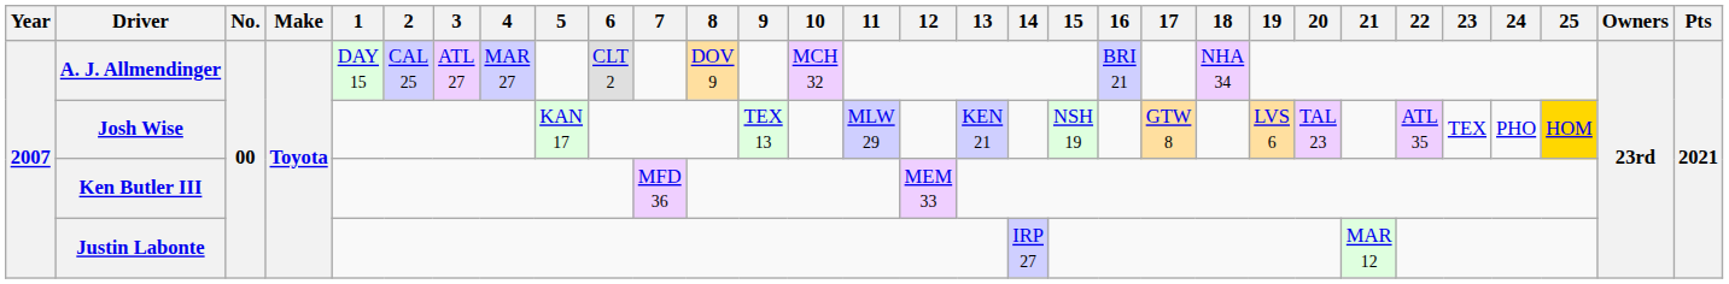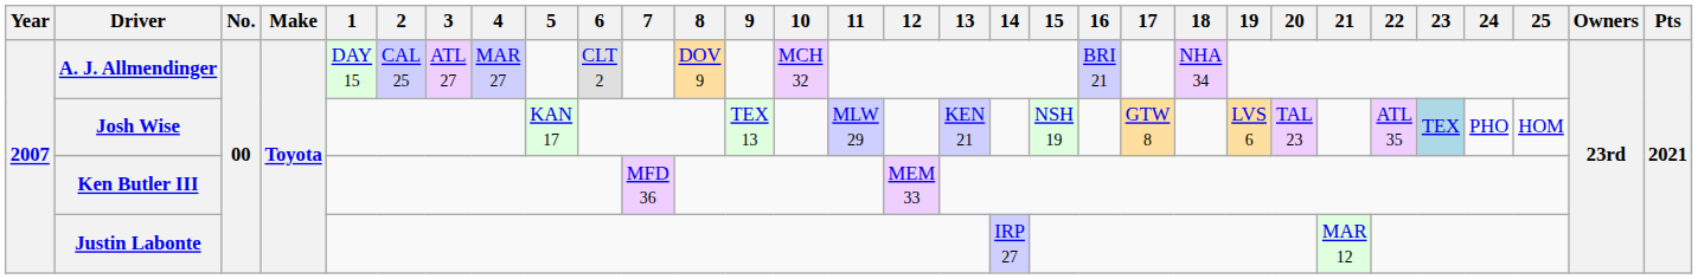 <table class="wikitable" style="text-align:center; font-size:75%">
 <tr>
 <th>Year</th>
 <th>Driver</th>
 <th>No.</th>
 <th>Make</th>
 <th>1</th>
 <th>2</th>
 <th>3</th>
 <th>4</th>
 <th>5</th>
 <th>6</th>
 <th>7</th>
 <th>8</th>
 <th>9</th>
 <th>10</th>
 <th>11</th>
 <th>12</th>
 <th>13</th>
 <th>14</th>
 <th>15</th>
 <th>16</th>
 <th>17</th>
 <th>18</th>
 <th>19</th>
 <th>20</th>
 <th>21</th>
 <th>22</th>
 <th>23</th>
 <th>24</th>
 <th>25</th>
 <th>Owners</th>
 <th>Pts</th>
 </tr>
 <tr>
 <th rowspan=4><a href='#'>2007</a></th>
 <th><a href='#'>A. J. Allmendinger</a></th>
 <th rowspan=4>00</th>
 <th rowspan=4><a href='#'>Toyota</a></th>
 <td style="background:#DFFFDF;"><a href='#'>DAY</a><br><small>15</small></td>
 <td style="background:#CFCFFF;"><a href='#'>CAL</a><br><small>25</small></td>
 <td style="background:#EFCFFF;"><a href='#'>ATL</a><br><small>27</small></td>
 <td style="background:#CFCFFF;"><a href='#'>MAR</a><br><small>27</small></td>
 <td></td>
 <td style="background:#DFDFDF;"><a href='#'>CLT</a><br><small>2</small></td>
 <td></td>
 <td style="background:#FFDF9F;"><a href='#'>DOV</a><br><small>9</small></td>
 <td></td>
 <td style="background:#EFCFFF;"><a href='#'>MCH</a><br><small>32</small></td>
 <td colspan=5></td>
 <td style="background:#CFCFFF;"><a href='#'>BRI</a><br><small>21</small></td>
 <td></td>
 <td style="background:#EFCFFF;"><a href='#'>NHA</a><br><small>34</small></td>
 <td colspan=7></td>
 <th rowspan=4>23rd</th>
 <th rowspan=4>2021</th>
 </tr>
 <tr>
 <th><a href='#'>Josh Wise</a></th>
 <td colspan=4></td>
 <td style="background:#DFFFDF;"><a href='#'>KAN</a><br><small>17</small></td>
 <td colspan=3></td>
 <td style="background:#DFFFDF;"><a href='#'>TEX</a><br><small>13</small></td>
 <td></td>
 <td style="background:#CFCFFF;"><a href='#'>MLW</a><br><small>29</small></td>
 <td></td>
 <td style="background:#CFCFFF;"><a href='#'>KEN</a><br><small>21</small></td>
 <td></td>
 <td style="background:#DFFFDF;"><a href='#'>NSH</a><br><small>19</small></td>
 <td></td>
 <td style="background:#FFDF9F;"><a href='#'>GTW</a><br><small>8</small></td>
 <td></td>
 <td style="background:#FFDF9F;"><a href='#'>LVS</a><br><small>6</small></td>
 <td style="background:#EFCFFF;"><a href='#'>TAL</a><br><small>23</small></td>
 <td></td>
 <td style="background:#EFCFFF;"><a href='#'>ATL</a><br><small>35</small></td>
-<td><a href='#'>TEX</a></td>
+<td style="background: lightblue;"><a href='#'>TEX</a></td>
 <td><a href='#'>PHO</a></td>
-<td style="background: gold;"><a href='#'>HOM</a></td>
+<td><a href='#'>HOM</a></td>
 </tr>
 <tr>
 <th><a href='#'>Ken Butler III</a></th>
 <td colspan=6></td>
 <td style="background:#EFCFFF;"><a href='#'>MFD</a><br><small>36</small></td>
 <td colspan=4></td>
 <td style="background:#EFCFFF;"><a href='#'>MEM</a><br><small>33</small></td>
 <td colspan=13></td>
 </tr>
 <tr>
 <th><a href='#'>Justin Labonte</a></th>
 <td colspan=13></td>
 <td style="background:#CFCFFF;"><a href='#'>IRP</a><br><small>27</small></td>
 <td colspan=6></td>
 <td style="background:#DFFFDF;"><a href='#'>MAR</a><br><small>12</small></td>
 <td colspan=4></td>
 </tr>
 </table>
